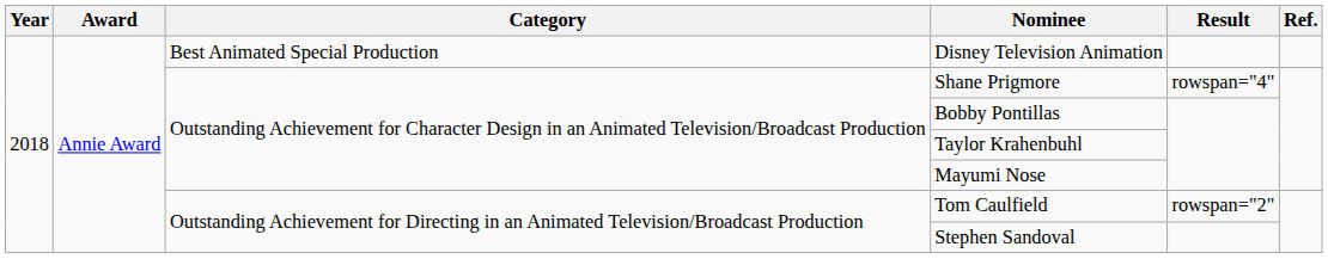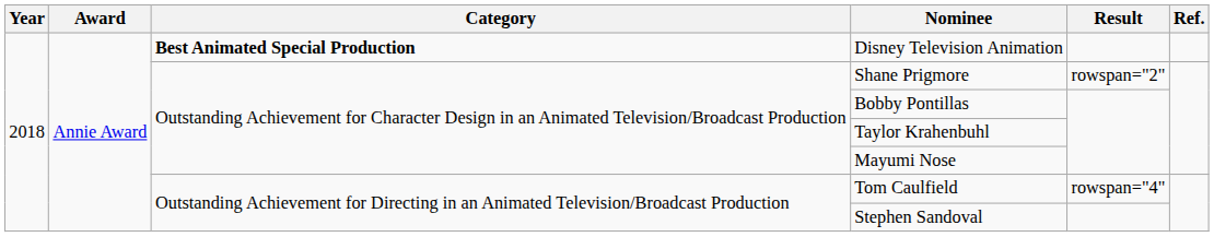 <table class="wikitable">
 <tr>
 <th>Year</th>
 <th>Award</th>
 <th>Category</th>
 <th>Nominee</th>
 <th>Result</th>
 <th>Ref.</th>
 </tr>
 <tr>
 <td rowspan="7">2018</td>
 <td rowspan="7"><a href='#'>Annie Award</a></td>
-<td>Best Animated Special Production</td>
+<td><strong>Best Animated Special Production</strong></td>
 <td>Disney Television Animation</td>
 <td></td>
 <td align="center"></td>
 </tr>
 <tr>
 <td rowspan="4">Outstanding Achievement for Character Design in an Animated Television/Broadcast Production</td>
 <td>Shane Prigmore</td>
-<td>rowspan="4" </td>
+<td>rowspan="2" </td>
 <td rowspan="4" align="center"></td>
 </tr>
 <tr>
 <td>Bobby Pontillas</td>
 </tr>
 <tr>
 <td>Taylor Krahenbuhl</td>
 </tr>
 <tr>
 <td>Mayumi Nose</td>
 </tr>
 <tr>
 <td rowspan="2">Outstanding Achievement for Directing in an Animated Television/Broadcast Production</td>
 <td>Tom Caulfield</td>
-<td>rowspan="2" </td>
+<td>rowspan="4" </td>
 <td rowspan="2" align="center"></td>
 </tr>
 <tr>
 <td>Stephen Sandoval</td>
 </tr>
 </table>
